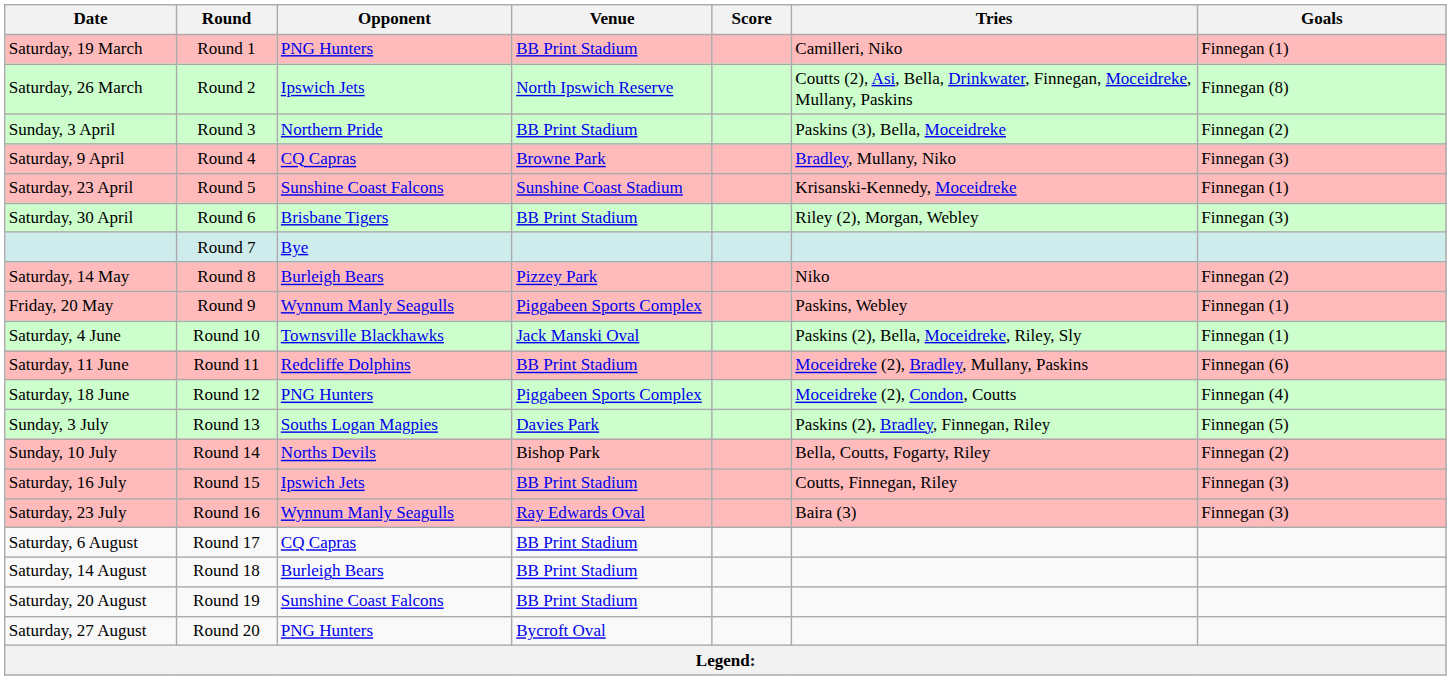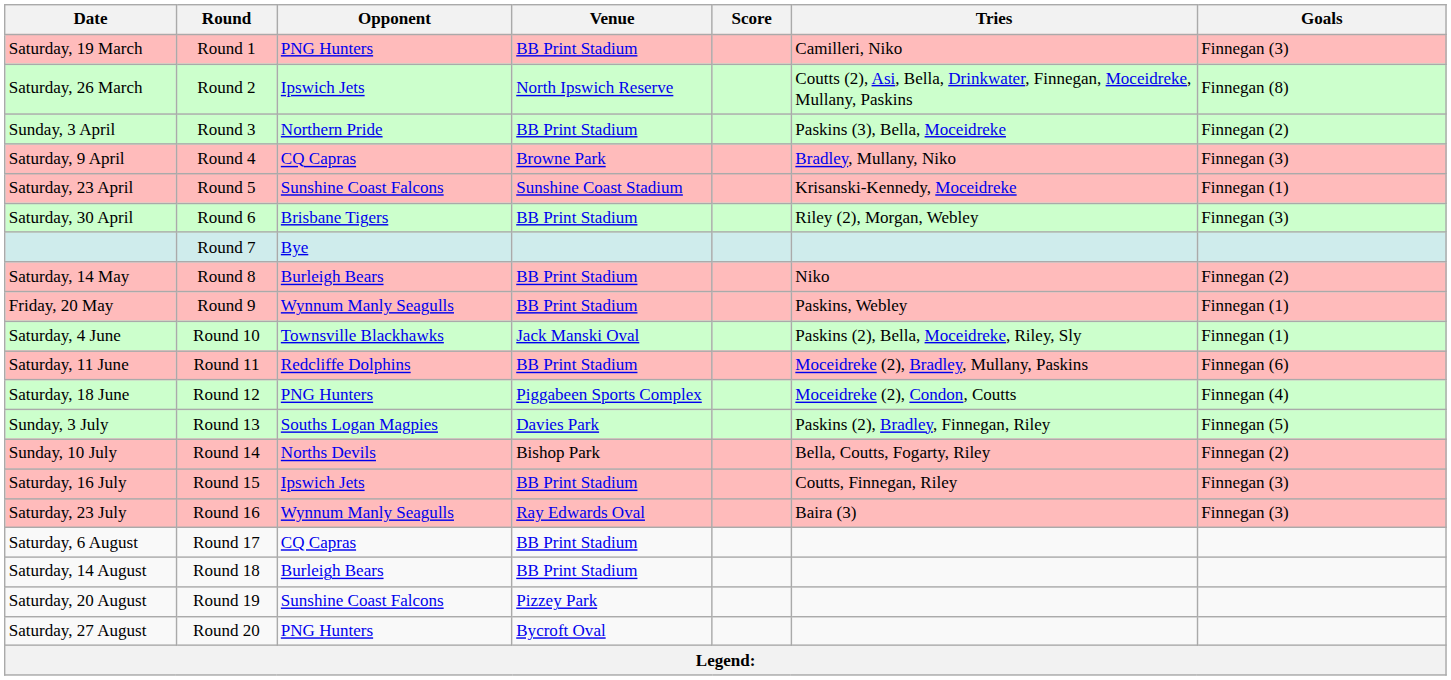 <table class="wikitable" style="font-size:75%;">
 <tr>
 <th style="width:115px;">Date</th>
 <th style="width:65px;">Round</th>
 <th style="width:160px;">Opponent</th>
 <th style="width:135px;">Venue</th>
 <th style="width:50px;">Score</th>
 <th style="width:280px;">Tries</th>
 <th style="width:170px;">Goals</th>
 </tr>
 <tr style="background:#FFBBBB">
 <td>Saturday, 19 March</td>
 <td style="text-align:center;">Round 1</td>
 <td> <a href='#'>PNG Hunters</a></td>
 <td><a href='#'>BB Print Stadium</a></td>
 <td style="text-align:center;"></td>
 <td>Camilleri, Niko</td>
-<td>Finnegan (1)</td>
+<td>Finnegan (3)</td>
 </tr>
 <tr style="background:#CCFFCC">
 <td>Saturday, 26 March</td>
 <td style="text-align:center;">Round 2</td>
 <td> <a href='#'>Ipswich Jets</a></td>
 <td><a href='#'>North Ipswich Reserve</a></td>
 <td style="text-align:center;"></td>
 <td>Coutts (2), <a href='#'>Asi</a>, Bella, <a href='#'>Drinkwater</a>, Finnegan, <a href='#'>Moceidreke</a>, Mullany, Paskins</td>
 <td>Finnegan (8)</td>
 </tr>
 <tr style="background:#CCFFCC">
 <td>Sunday, 3 April</td>
 <td style="text-align:center;">Round 3</td>
 <td> <a href='#'>Northern Pride</a></td>
 <td><a href='#'>BB Print Stadium</a></td>
 <td style="text-align:center;"></td>
 <td>Paskins (3), Bella, <a href='#'>Moceidreke</a></td>
 <td>Finnegan (2)</td>
 </tr>
 <tr style="background:#FFBBBB">
 <td>Saturday, 9 April</td>
 <td style="text-align:center;">Round 4</td>
 <td> <a href='#'>CQ Capras</a></td>
 <td><a href='#'>Browne Park</a></td>
 <td style="text-align:center;"></td>
 <td><a href='#'>Bradley</a>, Mullany, Niko</td>
 <td>Finnegan (3)</td>
 </tr>
 <tr style="background:#FFBBBB">
 <td>Saturday, 23 April</td>
 <td style="text-align:center;">Round 5</td>
 <td> <a href='#'>Sunshine Coast Falcons</a></td>
 <td><a href='#'>Sunshine Coast Stadium</a></td>
 <td style="text-align:center;"></td>
 <td>Krisanski-Kennedy, <a href='#'>Moceidreke</a></td>
 <td>Finnegan (1)</td>
 </tr>
 <tr style="background:#CCFFCC">
 <td>Saturday, 30 April</td>
 <td style="text-align:center;">Round 6</td>
 <td> <a href='#'>Brisbane Tigers</a></td>
 <td><a href='#'>BB Print Stadium</a></td>
 <td style="text-align:center;"></td>
 <td>Riley (2), Morgan, Webley</td>
 <td>Finnegan (3)</td>
 </tr>
 <tr style="background:#cfecec;">
 <td></td>
 <td style="text-align:center;">Round 7</td>
 <td><a href='#'>Bye</a></td>
 <td></td>
 <td></td>
 <td></td>
 <td></td>
 </tr>
 <tr style="background:#FFBBBB">
 <td>Saturday, 14 May</td>
 <td style="text-align:center;">Round 8</td>
 <td> <a href='#'>Burleigh Bears</a></td>
-<td><a href='#'>Pizzey Park</a></td>
+<td><a href='#'>BB Print Stadium</a></td>
 <td style="text-align:center;"></td>
 <td>Niko</td>
 <td>Finnegan (2)</td>
 </tr>
 <tr style="background:#FFBBBB">
 <td>Friday, 20 May</td>
 <td style="text-align:center;">Round 9</td>
 <td> <a href='#'>Wynnum Manly Seagulls</a></td>
-<td><a href='#'>Piggabeen Sports Complex</a></td>
+<td><a href='#'>BB Print Stadium</a></td>
 <td style="text-align:center;"></td>
 <td>Paskins, Webley</td>
 <td>Finnegan (1)</td>
 </tr>
 <tr style="background:#CCFFCC">
 <td>Saturday, 4 June</td>
 <td style="text-align:center;">Round 10</td>
 <td> <a href='#'>Townsville Blackhawks</a></td>
 <td><a href='#'>Jack Manski Oval</a></td>
 <td style="text-align:center;"></td>
 <td>Paskins (2), Bella, <a href='#'>Moceidreke</a>, Riley, Sly</td>
 <td>Finnegan (1)</td>
 </tr>
 <tr style="background:#FFBBBB">
 <td>Saturday, 11 June</td>
 <td style="text-align:center;">Round 11</td>
 <td> <a href='#'>Redcliffe Dolphins</a></td>
 <td><a href='#'>BB Print Stadium</a></td>
 <td style="text-align:center;"></td>
 <td><a href='#'>Moceidreke</a> (2), <a href='#'>Bradley</a>, Mullany, Paskins</td>
 <td>Finnegan (6)</td>
 </tr>
 <tr style="background:#CCFFCC">
 <td>Saturday, 18 June</td>
 <td style="text-align:center;">Round 12</td>
 <td> <a href='#'>PNG Hunters</a></td>
 <td><a href='#'>Piggabeen Sports Complex</a></td>
 <td style="text-align:center;"></td>
 <td><a href='#'>Moceidreke</a> (2), <a href='#'>Condon</a>, Coutts</td>
 <td>Finnegan (4)</td>
 </tr>
 <tr style="background:#CCFFCC">
 <td>Sunday, 3 July</td>
 <td style="text-align:center;">Round 13</td>
 <td> <a href='#'>Souths Logan Magpies</a></td>
 <td><a href='#'>Davies Park</a></td>
 <td style="text-align:center;"></td>
 <td>Paskins (2), <a href='#'>Bradley</a>, Finnegan, Riley</td>
 <td>Finnegan (5)</td>
 </tr>
 <tr style="background:#FFBBBB">
 <td>Sunday, 10 July</td>
 <td style="text-align:center;">Round 14</td>
 <td> <a href='#'>Norths Devils</a></td>
 <td>Bishop Park</td>
 <td style="text-align:center;"></td>
 <td>Bella, Coutts, Fogarty, Riley</td>
 <td>Finnegan (2)</td>
 </tr>
 <tr style="background:#FFBBBB">
 <td>Saturday, 16 July</td>
 <td style="text-align:center;">Round 15</td>
 <td> <a href='#'>Ipswich Jets</a></td>
 <td><a href='#'>BB Print Stadium</a></td>
 <td style="text-align:center;"></td>
 <td>Coutts, Finnegan, Riley</td>
 <td>Finnegan (3)</td>
 </tr>
 <tr style="background:#FFBBBB">
 <td>Saturday, 23 July</td>
 <td style="text-align:center;">Round 16</td>
 <td> <a href='#'>Wynnum Manly Seagulls</a></td>
 <td><a href='#'>Ray Edwards Oval</a></td>
 <td style="text-align:center;"></td>
 <td>Baira (3)</td>
 <td>Finnegan (3)</td>
 </tr>
 <tr style="background:">
 <td>Saturday, 6 August</td>
 <td style="text-align:center;">Round 17</td>
 <td> <a href='#'>CQ Capras</a></td>
 <td><a href='#'>BB Print Stadium</a></td>
 <td style="text-align:center;"></td>
 <td></td>
 <td></td>
 </tr>
 <tr style="background:">
 <td>Saturday, 14 August</td>
 <td style="text-align:center;">Round 18</td>
 <td> <a href='#'>Burleigh Bears</a></td>
 <td><a href='#'>BB Print Stadium</a></td>
 <td style="text-align:center;"></td>
 <td></td>
 <td></td>
 </tr>
 <tr style="background:">
 <td>Saturday, 20 August</td>
 <td style="text-align:center;">Round 19</td>
 <td> <a href='#'>Sunshine Coast Falcons</a></td>
-<td><a href='#'>BB Print Stadium</a></td>
+<td><a href='#'>Pizzey Park</a></td>
 <td style="text-align:center;"></td>
 <td></td>
 <td></td>
 </tr>
 <tr style="background:">
 <td>Saturday, 27 August</td>
 <td style="text-align:center;">Round 20</td>
 <td> <a href='#'>PNG Hunters</a></td>
 <td><a href='#'>Bycroft Oval</a></td>
 <td style="text-align:center;"></td>
 <td></td>
 <td></td>
 </tr>
 <tr>
 <th colspan="11"><strong>Legend</strong>:    </th>
 </tr>
 </table>
